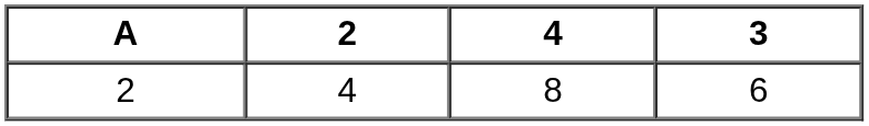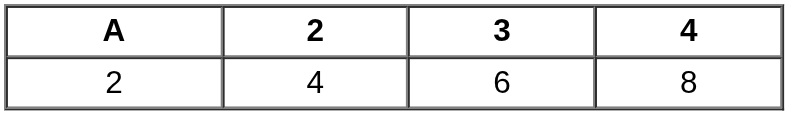 <table cellspacing="0" cellpadding="3" border="1" width="25%">
 <tr ---->
 <th>A</th>
 <th>2</th>
+<th>3</th>
 <th>4</th>
-<th>3</th>
 </tr>
 <tr ---->
 <td align="center">2</td>
 <td align="center">4</td>
+<td align="center">6</td>
 <td align="center">8</td>
-<td align="center">6</td>
 </tr>
 </table>
